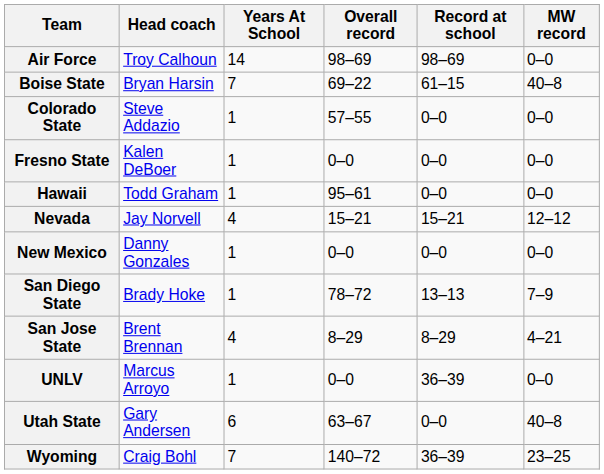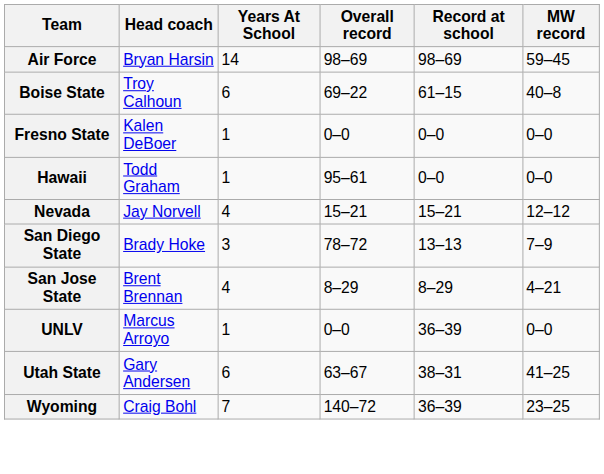 <table class="wikitable sortable" style "text-align: center;">
 <tr>
 <th style="width:110px;">Team</th>
 <th>Head coach</th>
 <th>Years At School</th>
 <th>Overall record</th>
 <th>Record at school</th>
 <th>MW record</th>
 </tr>
 <tr>
 <th>Air Force</th>
-<td><a href='#'>Troy Calhoun</a></td>
+<td><a href='#'>Bryan Harsin</a></td>
 <td>14</td>
 <td>98–69</td>
 <td>98–69</td>
-<td>0–0</td>
+<td>59–45</td>
 </tr>
 <tr>
 <th>Boise State</th>
-<td><a href='#'>Bryan Harsin</a></td>
-<td>7</td>
+<td><a href='#'>Troy Calhoun</a></td>
+<td>6</td>
 <td>69–22</td>
 <td>61–15</td>
 <td>40–8</td>
-</tr>
-<tr>
-<th>Colorado State</th>
-<td><a href='#'>Steve Addazio</a></td>
-<td>1</td>
-<td>57–55</td>
-<td>0–0</td>
-<td>0–0</td>
 </tr>
 <tr>
 <th>Fresno State</th>
 <td><a href='#'>Kalen DeBoer</a></td>
 <td>1</td>
 <td>0–0</td>
 <td>0–0</td>
 <td>0–0</td>
 </tr>
 <tr>
 <th>Hawaii</th>
 <td><a href='#'>Todd Graham</a></td>
 <td>1</td>
 <td>95–61</td>
 <td>0–0</td>
 <td>0–0</td>
 </tr>
 <tr>
 <th>Nevada</th>
 <td><a href='#'>Jay Norvell</a></td>
 <td>4</td>
 <td>15–21</td>
 <td>15–21</td>
 <td>12–12</td>
 </tr>
 <tr>
-<th>New Mexico</th>
-<td><a href='#'>Danny Gonzales</a></td>
-<td>1</td>
-<td>0–0</td>
-<td>0–0</td>
-<td>0–0</td>
-</tr>
-<tr>
 <th>San Diego State</th>
 <td><a href='#'>Brady Hoke</a></td>
-<td>1</td>
+<td>3</td>
 <td>78–72</td>
 <td>13–13</td>
 <td>7–9</td>
 </tr>
 <tr>
 <th>San Jose State</th>
 <td><a href='#'>Brent Brennan</a></td>
 <td>4</td>
 <td>8–29</td>
 <td>8–29</td>
 <td>4–21</td>
 </tr>
 <tr>
 <th>UNLV</th>
 <td><a href='#'>Marcus Arroyo</a></td>
 <td>1</td>
 <td>0–0</td>
 <td>36–39</td>
 <td>0–0</td>
 </tr>
 <tr>
 <th>Utah State</th>
 <td><a href='#'>Gary Andersen</a></td>
 <td>6</td>
 <td>63–67</td>
-<td>0–0</td>
-<td>40–8</td>
+<td>38–31</td>
+<td>41–25</td>
 </tr>
 <tr>
 <th>Wyoming</th>
 <td><a href='#'>Craig Bohl</a></td>
 <td>7</td>
 <td>140–72</td>
 <td>36–39</td>
 <td>23–25</td>
 </tr>
 </table>
